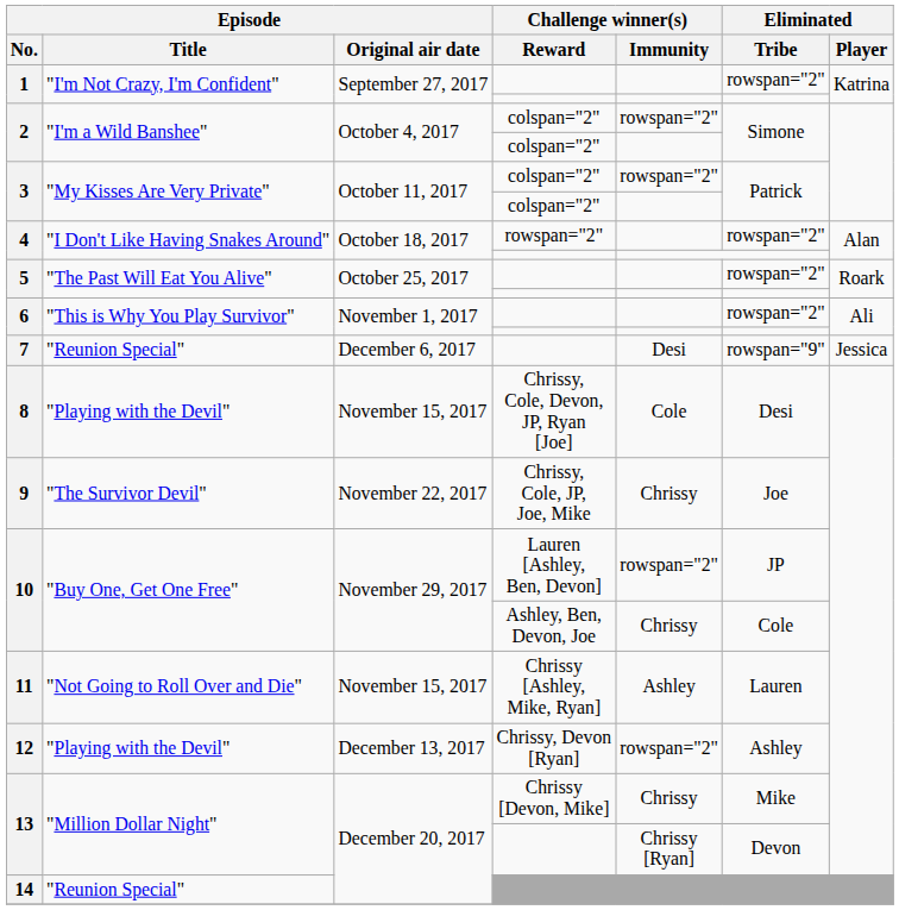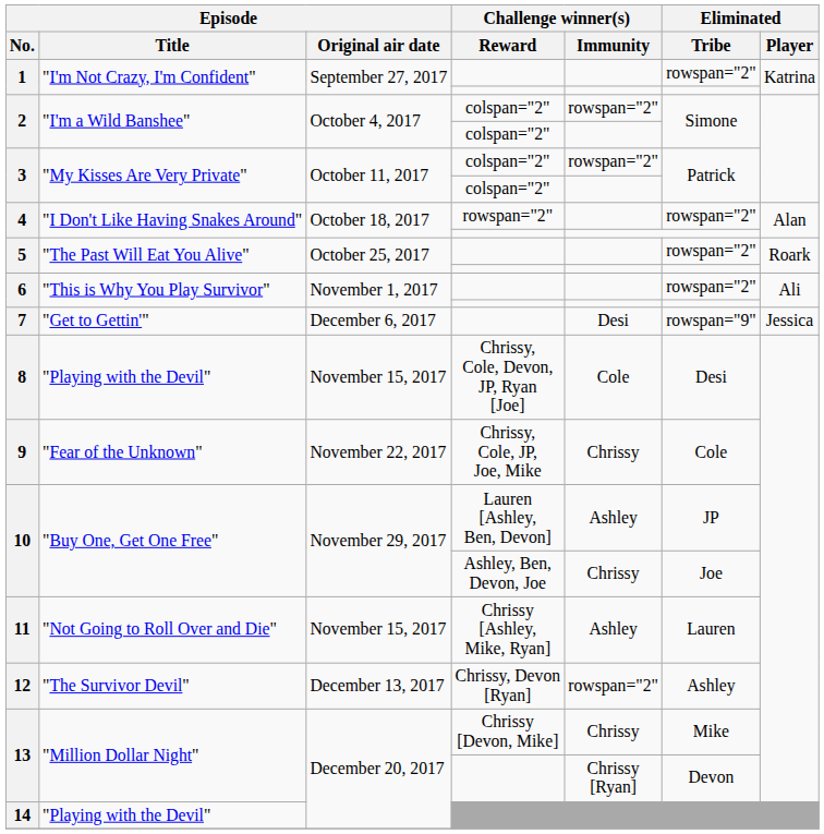 <table class="wikitable plainrowheaders" style="margin:auto; text-align:center">
 <tr>
 <th scope="col" colspan="3">Episode</th>
 <th scope="col" colspan="2">Challenge winner(s)</th>
 <th scope="col" colspan="2">Eliminated</th>
 </tr>
 <tr>
 <th scope="col">No.</th>
 <th scope="col">Title</th>
 <th scope="col">Original air date</th>
 <th scope="col">Reward</th>
 <th scope="col">Immunity</th>
 <th scope="col">Tribe</th>
 <th scope="col">Player</th>
 </tr>
 <tr>
 <th rowspan="2">1</th>
 <td scope="row" align="left" rowspan="2">"<a href='#'>I'm Not Crazy, I'm Confident</a>"</td>
 <td align="left" rowspan="2">September 27, 2017</td>
 <td></td>
 <td></td>
 <td>rowspan="2" </td>
 <td rowspan="2">Katrina</td>
 </tr>
 <tr>
 <td></td>
 <td></td>
 </tr>
 <tr>
 <th rowspan="2">2</th>
 <td rowspan="2" scope="row" align="left">"<a href='#'>I'm a Wild Banshee</a>"</td>
 <td rowspan="2" align="left">October 4, 2017</td>
 <td>colspan="2" </td>
 <td>rowspan="2" </td>
 <td rowspan="2">Simone</td>
 </tr>
 <tr>
 <td>colspan="2" </td>
 </tr>
 <tr>
 <th rowspan="2">3</th>
 <td rowspan="2" scope="row" align="left">"<a href='#'>My Kisses Are Very Private</a>"</td>
 <td rowspan="2" align="left">October 11, 2017</td>
 <td>colspan="2" </td>
 <td>rowspan="2" </td>
 <td rowspan="2">Patrick</td>
 </tr>
 <tr>
 <td>colspan="2" </td>
 </tr>
 <tr>
 <th rowspan="2">4</th>
 <td rowspan="2" scope="row" align="left">"<a href='#'>I Don't Like Having Snakes Around</a>"</td>
 <td rowspan="2" align="left">October 18, 2017</td>
 <td>rowspan="2" </td>
 <td></td>
 <td>rowspan="2" </td>
 <td rowspan="2">Alan</td>
 </tr>
 <tr>
 <td></td>
 </tr>
 <tr>
 <th rowspan="2">5</th>
 <td rowspan="2" scope="row" align="left">"<a href='#'>The Past Will Eat You Alive</a>"</td>
 <td rowspan="2" align="left">October 25, 2017</td>
 <td></td>
 <td></td>
 <td>rowspan="2" </td>
 <td rowspan="2">Roark</td>
 </tr>
 <tr>
 <td></td>
 <td></td>
 </tr>
 <tr>
 <th rowspan="2">6</th>
 <td rowspan="2" scope="row" align="left">"<a href='#'>This is Why You Play Survivor</a>"</td>
 <td rowspan="2" align="left">November 1, 2017</td>
 <td></td>
 <td></td>
 <td>rowspan="2" </td>
 <td rowspan="2">Ali</td>
 </tr>
 <tr>
 <td></td>
 <td></td>
 </tr>
 <tr>
 <th>7</th>
-<td scope="row" align="left">"<a href='#'>Reunion Special</a>"</td>
+<td scope="row" align="left">"<a href='#'>Get to Gettin'</a>"</td>
 <td align="left">December 6, 2017</td>
 <td></td>
 <td>Desi</td>
 <td>rowspan="9" </td>
 <td>Jessica</td>
 </tr>
 <tr>
 <th>8</th>
 <td scope="row" align="left">"<a href='#'>Playing with the Devil</a>"</td>
 <td align="left">November 15, 2017</td>
 <td>Chrissy,<br>Cole, Devon,<br>JP, Ryan<br>[Joe]</td>
 <td>Cole</td>
 <td>Desi</td>
 </tr>
 <tr>
 <th>9</th>
-<td scope="row" align="left">"<a href='#'>The Survivor Devil</a>"</td>
+<td scope="row" align="left">"<a href='#'>Fear of the Unknown</a>"</td>
 <td align="left">November 22, 2017</td>
 <td>Chrissy,<br>Cole, JP,<br>Joe, Mike</td>
 <td>Chrissy</td>
-<td>Joe</td>
+<td>Cole</td>
 </tr>
 <tr>
 <th rowspan="2">10</th>
 <td rowspan="2" scope="row" align="left">"<a href='#'>Buy One, Get One Free</a>"</td>
 <td rowspan="2" align="left">November 29, 2017</td>
 <td>Lauren<br>[Ashley,<br>Ben, Devon]</td>
-<td>rowspan="2" </td>
+<td>Ashley</td>
 <td>JP</td>
 </tr>
 <tr>
 <td>Ashley, Ben,<br>Devon, Joe</td>
 <td>Chrissy</td>
-<td>Cole</td>
+<td>Joe</td>
 </tr>
 <tr>
 <th>11</th>
 <td scope="row" align="left">"<a href='#'>Not Going to Roll Over and Die</a>"</td>
 <td align="left">November 15, 2017</td>
 <td>Chrissy<br>[Ashley,<br>Mike, Ryan]</td>
 <td>Ashley</td>
 <td>Lauren</td>
 </tr>
 <tr>
 <th>12</th>
-<td scope="row" align="left">"<a href='#'>Playing with the Devil</a>"</td>
+<td scope="row" align="left">"<a href='#'>The Survivor Devil</a>"</td>
 <td align="left">December 13, 2017</td>
 <td>Chrissy, Devon<br>[Ryan]</td>
 <td>rowspan="2" </td>
 <td>Ashley</td>
 </tr>
 <tr>
 <th rowspan="2">13</th>
 <td rowspan="2" scope="row" align="left">"<a href='#'>Million Dollar Night</a>"</td>
 <td rowspan="3" align="left">December 20, 2017</td>
 <td>Chrissy<br>[Devon, Mike]</td>
 <td>Chrissy</td>
 <td>Mike</td>
 </tr>
 <tr>
 <td></td>
 <td>Chrissy<br>[Ryan]</td>
 <td>Devon</td>
 </tr>
 <tr>
 <th>14</th>
-<td scope="row" align="left">"<a href='#'>Reunion Special</a>"</td>
+<td scope="row" align="left">"<a href='#'>Playing with the Devil</a>"</td>
 <td colspan="4" bgcolor="darkgray"></td>
 </tr>
 <tr>
 </tr>
 </table>
